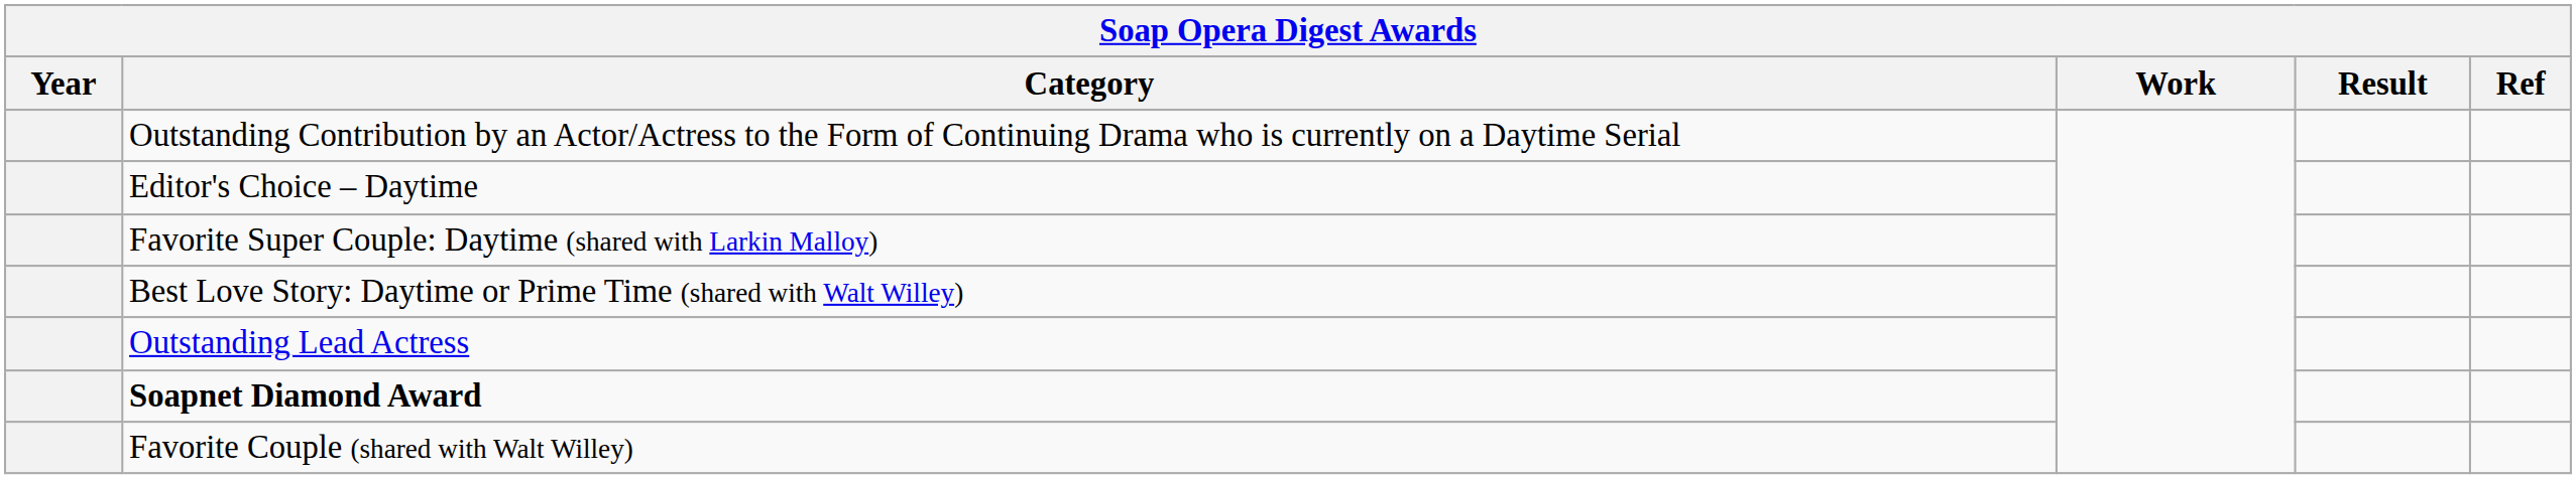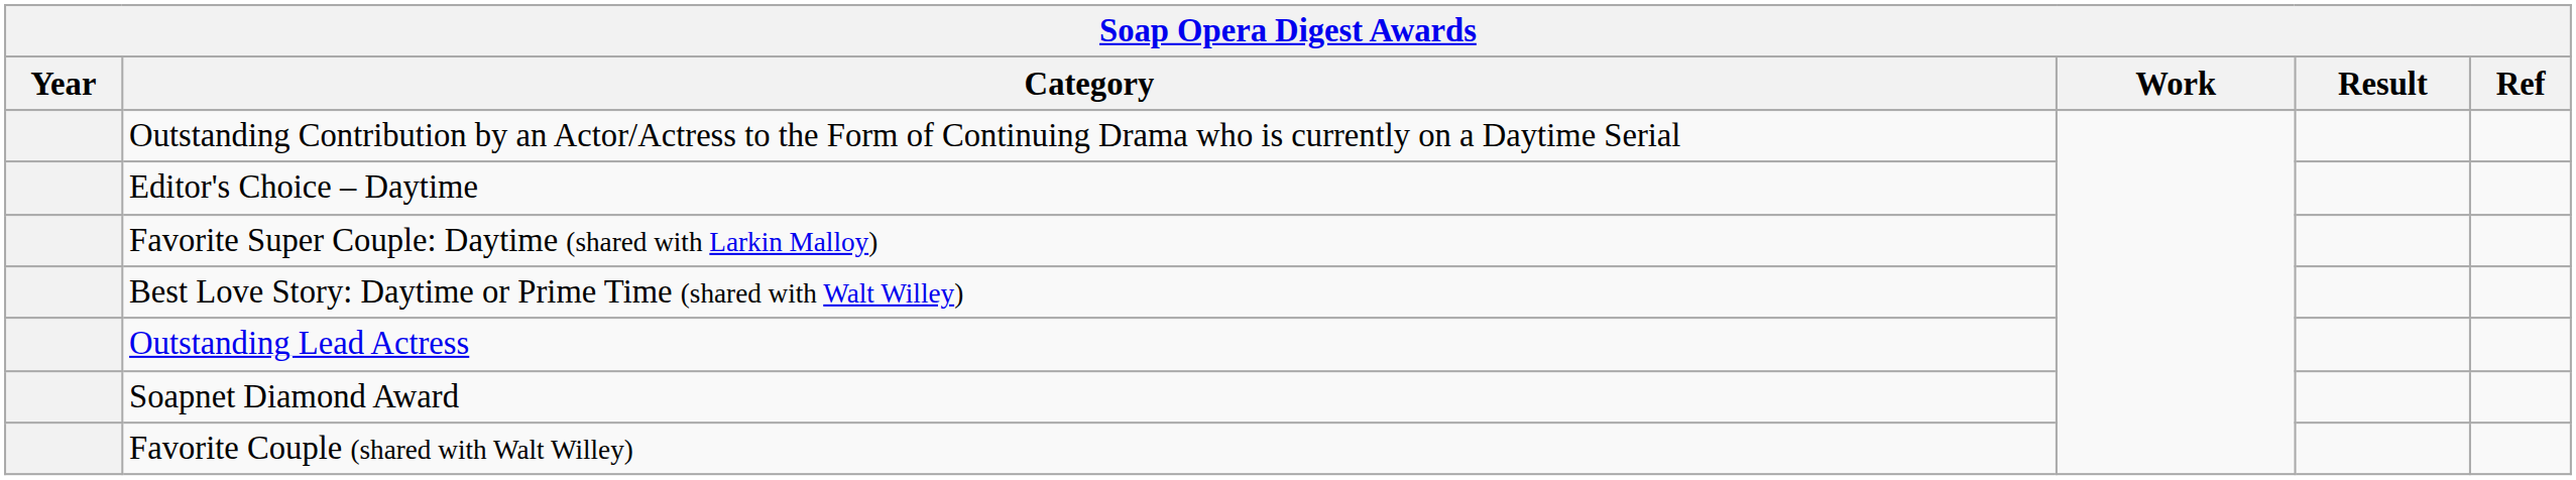 <table class="wikitable sortable plainrowheaders">
 <tr>
 <th colspan="5" style="text-align:center;"><a href='#'>Soap Opera Digest Awards</a></th>
 </tr>
 <tr>
 <th scope="col" style="width:0.5%;">Year</th>
 <th scope="col" style="width:20%;">Category</th>
 <th scope="col" style="width:2%;">Work</th>
 <th scope="col" style="width:1%;">Result</th>
 <th scope="col" style="width:0.5%;">Ref</th>
 </tr>
 <tr>
 <th scope="row"></th>
 <td>Outstanding Contribution by an Actor/Actress to the Form of Continuing Drama who is currently on a Daytime Serial</td>
 <td rowspan=7 style="text-align:center"></td>
 <td></td>
 <td></td>
 </tr>
 <tr>
 <th scope="row"></th>
 <td>Editor's Choice – Daytime</td>
 <td></td>
 <td></td>
 </tr>
 <tr>
 <th scope="row"></th>
 <td>Favorite Super Couple: Daytime <small>(shared with <a href='#'>Larkin Malloy</a>)</small></td>
 <td></td>
 <td></td>
 </tr>
 <tr>
 <th scope="row"></th>
 <td>Best Love Story: Daytime or Prime Time <small> (shared with <a href='#'>Walt Willey</a>)</small></td>
 <td></td>
 <td></td>
 </tr>
 <tr>
 <th scope="row"></th>
 <td><a href='#'>Outstanding Lead Actress</a></td>
 <td></td>
 <td></td>
 </tr>
 <tr>
 <th scope="row"></th>
-<td><strong>Soapnet Diamond Award</strong></td>
+<td>Soapnet Diamond Award</td>
 <td></td>
 <td></td>
 </tr>
 <tr>
 <th scope="row"></th>
 <td>Favorite Couple <small>(shared with Walt Willey)</small></td>
 <td></td>
 <td></td>
 </tr>
 </table>
